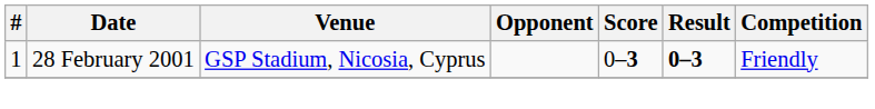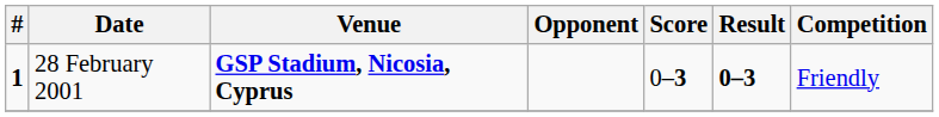 <table class="wikitable sortable" style="font-size:100%">
 <tr>
 <th>#</th>
 <th>Date</th>
 <th>Venue</th>
 <th>Opponent</th>
 <th>Score</th>
 <th>Result</th>
 <th>Competition</th>
 </tr>
 <tr>
-<td>1</td>
+<td><strong>1</strong></td>
 <td>28 February 2001</td>
-<td><a href='#'>GSP Stadium</a>, <a href='#'>Nicosia</a>, Cyprus</td>
+<td><strong><a href='#'>GSP Stadium</a>, <a href='#'>Nicosia</a>, Cyprus</strong></td>
 <td></td>
 <td>0–<strong>3</strong></td>
 <td><strong>0–3</strong></td>
 <td><a href='#'>Friendly</a></td>
 </tr>
 <tr>
 </tr>
 </table>
